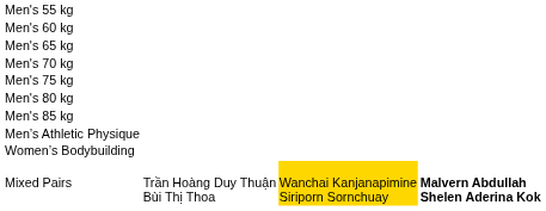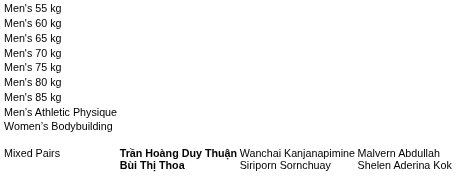 <table>
 <tr>
 <td>Men's 55 kg</td>
 <td></td>
 <td></td>
 <td></td>
 </tr>
 <tr>
 <td>Men's 60 kg</td>
 <td></td>
 <td></td>
 <td></td>
 </tr>
 <tr>
 <td>Men's 65 kg</td>
 <td></td>
 <td></td>
 <td></td>
 </tr>
 <tr>
 <td>Men's 70 kg</td>
 <td></td>
 <td></td>
 <td></td>
 </tr>
 <tr>
 <td>Men's 75 kg</td>
 <td></td>
 <td></td>
 <td></td>
 </tr>
 <tr>
 <td>Men's 80 kg</td>
 <td></td>
 <td></td>
 <td></td>
 </tr>
 <tr>
 <td>Men's 85 kg</td>
 <td></td>
 <td></td>
 <td></td>
 </tr>
 <tr>
 <td>Men’s Athletic Physique</td>
 <td></td>
 <td></td>
 <td></td>
 </tr>
 <tr>
 <td>Women’s Bodybuilding</td>
 <td></td>
 <td></td>
 <td></td>
 </tr>
 <tr>
 <td>Mixed Pairs</td>
-<td><br>Trần Hoàng Duy Thuận<br>Bùi Thị Thoa</td>
-<td style="background: gold;"><br>Wanchai Kanjanapimine<br>Siriporn Sornchuay</td>
-<td><strong><br>Malvern Abdullah<br>Shelen Aderina Kok</strong></td>
+<td><strong><br>Trần Hoàng Duy Thuận<br>Bùi Thị Thoa</strong></td>
+<td><br>Wanchai Kanjanapimine<br>Siriporn Sornchuay</td>
+<td><br>Malvern Abdullah<br>Shelen Aderina Kok</td>
 </tr>
 </table>
